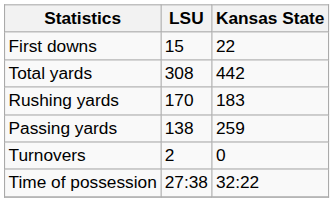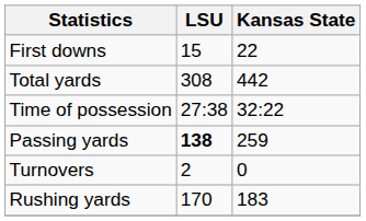 <table class="wikitable" style="float: left;">
 <tr>
 <th>Statistics</th>
 <th>LSU</th>
 <th>Kansas State</th>
 </tr>
 <tr>
 <td>First downs</td>
 <td>15</td>
 <td>22</td>
 </tr>
 <tr>
 <td>Total yards</td>
 <td>308</td>
 <td>442</td>
 </tr>
 <tr>
-<td>Rushing yards</td>
-<td>170</td>
-<td>183</td>
+<td>Time of possession</td>
+<td>27:38</td>
+<td>32:22</td>
 </tr>
 <tr>
 <td>Passing yards</td>
-<td>138</td>
+<td><strong>138</strong></td>
 <td>259</td>
 </tr>
 <tr>
 <td>Turnovers</td>
 <td>2</td>
 <td>0</td>
 </tr>
 <tr>
-<td>Time of possession</td>
-<td>27:38</td>
-<td>32:22</td>
+<td>Rushing yards</td>
+<td>170</td>
+<td>183</td>
 </tr>
 <tr>
 </tr>
 </table>
